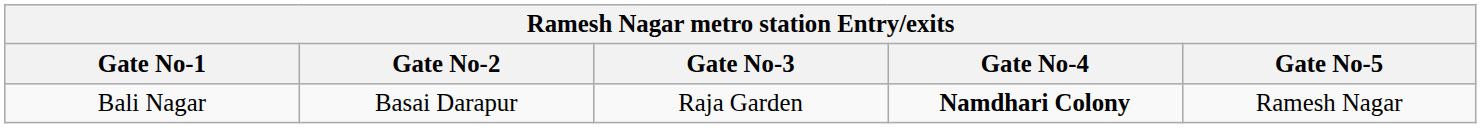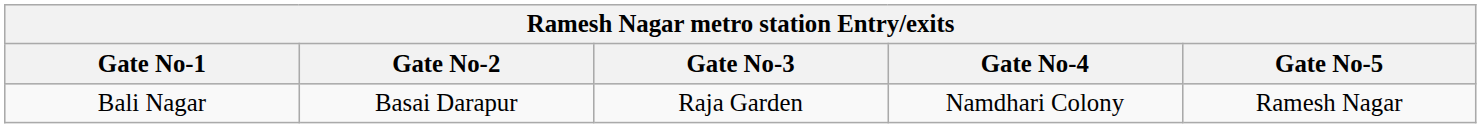 <table class="wikitable" style="text-align: center;" width="60%">
 <tr>
 <th align="center" colspan="5" style="background:#"><span>Ramesh Nagar metro station Entry/exits</span></th>
 </tr>
 <tr>
 <th style="width:15%;">Gate No-1</th>
 <th style="width:15%;">Gate No-2</th>
 <th style="width:15%;">Gate No-3</th>
 <th style="width:15%;">Gate No-4</th>
 <th style="width:15%;">Gate No-5</th>
 </tr>
 <tr>
 <td>Bali Nagar</td>
 <td>Basai Darapur</td>
 <td>Raja Garden</td>
-<td><strong>Namdhari Colony</strong></td>
+<td>Namdhari Colony</td>
 <td>Ramesh Nagar</td>
 </tr>
 </table>
